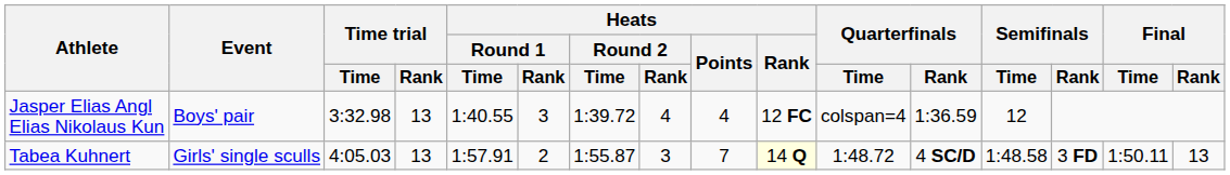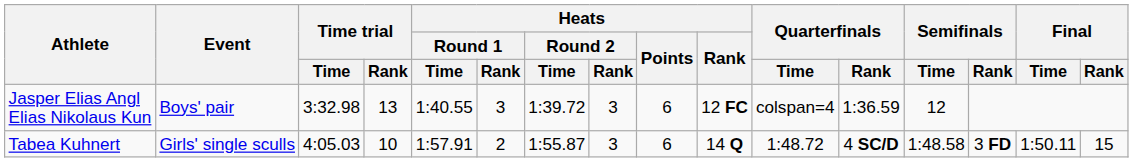 <table class="wikitable" style="font-size:90%">
 <tr>
 <th rowspan="3">Athlete</th>
 <th rowspan="3">Event</th>
 <th colspan="2" rowspan="2">Time trial</th>
 <th colspan="6">Heats</th>
 <th colspan="2" rowspan="2">Quarterfinals</th>
 <th colspan="2" rowspan="2">Semifinals</th>
 <th colspan="2" rowspan="2">Final</th>
 </tr>
 <tr>
 <th colspan="2">Round 1</th>
 <th colspan="2">Round 2</th>
 <th rowspan="2">Points</th>
 <th rowspan="2">Rank</th>
 </tr>
 <tr style="font-size:95%">
 <th>Time</th>
 <th>Rank</th>
 <th>Time</th>
 <th>Rank</th>
 <th>Time</th>
 <th>Rank</th>
 <th>Time</th>
 <th>Rank</th>
 <th>Time</th>
 <th>Rank</th>
 <th>Time</th>
 <th>Rank</th>
 </tr>
 <tr align=center>
 <td align=left><a href='#'>Jasper Elias Angl</a><br><a href='#'>Elias Nikolaus Kun</a></td>
 <td align=left><a href='#'>Boys' pair</a></td>
 <td>3:32.98</td>
 <td>13</td>
 <td>1:40.55</td>
 <td>3</td>
 <td>1:39.72</td>
-<td>4</td>
-<td>4</td>
+<td>3</td>
+<td>6</td>
 <td>12 <strong>FC</strong></td>
 <td>colspan=4 </td>
 <td>1:36.59</td>
 <td>12</td>
 </tr>
 <tr align=center>
 <td align=left><a href='#'>Tabea Kuhnert</a></td>
 <td align=left><a href='#'>Girls' single sculls</a></td>
 <td>4:05.03</td>
-<td>13</td>
+<td>10</td>
 <td>1:57.91</td>
 <td>2</td>
 <td>1:55.87</td>
 <td>3</td>
-<td>7</td>
-<td style="background: lightyellow;">14 <strong>Q</strong></td>
+<td>6</td>
+<td>14 <strong>Q</strong></td>
 <td>1:48.72</td>
 <td>4 <strong>SC/D</strong></td>
 <td>1:48.58</td>
 <td>3 <strong>FD</strong></td>
 <td>1:50.11</td>
-<td>13</td>
+<td>15</td>
 </tr>
 </table>
